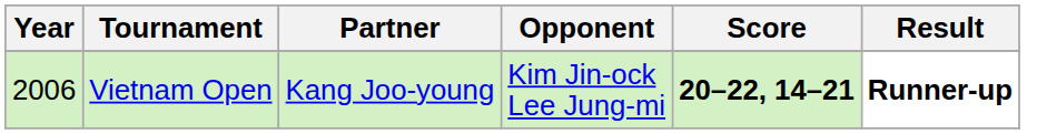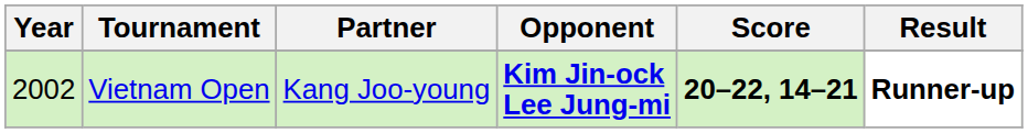 <table class="sortable wikitable" style="font-size: 90%;">
 <tr>
 <th>Year</th>
 <th>Tournament</th>
 <th>Partner</th>
 <th>Opponent</th>
 <th>Score</th>
 <th>Result</th>
 </tr>
 <tr>
 </tr>
 <tr style="background:#D4F1C5">
-<td align="center">2006</td>
+<td align="center">2002</td>
 <td align="left"><a href='#'>Vietnam Open</a></td>
 <td align="left"> <a href='#'>Kang Joo-young</a></td>
-<td align="left"> <a href='#'>Kim Jin-ock</a><br> <a href='#'>Lee Jung-mi</a></td>
+<td align="left"><strong> <a href='#'>Kim Jin-ock</a><br> <a href='#'>Lee Jung-mi</a></strong></td>
 <td align="left"><strong>20–22, 14–21</strong></td>
 <td style="text-align:left; background:white"> <strong>Runner-up</strong></td>
 </tr>
 </table>
